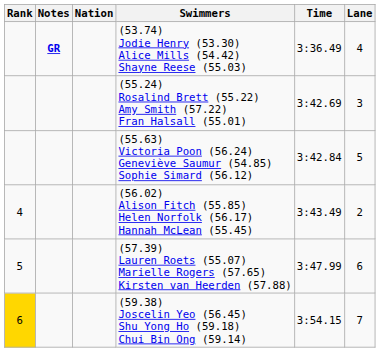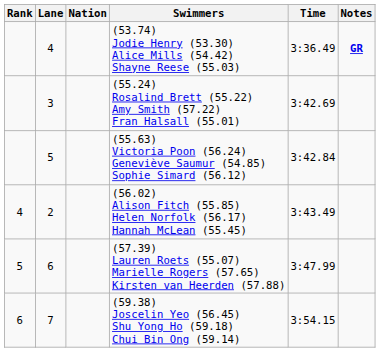 <table class="wikitable sortable" style="text-align:center">
 <tr>
 <th>Rank</th>
-<th>Notes</th>
+<th>Lane</th>
 <th>Nation</th>
 <th>Swimmers</th>
 <th>Time</th>
-<th>Lane</th>
+<th>Notes</th>
 </tr>
 <tr>
 <td></td>
-<td><strong><a href='#'>GR</a></strong></td>
+<td>4</td>
 <td align=left></td>
 <td align=left> (53.74)<br><a href='#'>Jodie Henry</a> (53.30)<br><a href='#'>Alice Mills</a> (54.42)<br><a href='#'>Shayne Reese</a> (55.03)</td>
 <td>3:36.49</td>
-<td>4</td>
+<td><strong><a href='#'>GR</a></strong></td>
 </tr>
 <tr>
 <td></td>
-<td></td>
+<td>3</td>
 <td align=left></td>
 <td align=left> (55.24)<br><a href='#'>Rosalind Brett</a> (55.22)<br><a href='#'>Amy Smith</a> (57.22)<br><a href='#'>Fran Halsall</a> (55.01)</td>
 <td>3:42.69</td>
-<td>3</td>
+<td></td>
 </tr>
 <tr>
 <td></td>
-<td></td>
+<td>5</td>
 <td align=left></td>
 <td align=left> (55.63)<br><a href='#'>Victoria Poon</a> (56.24)<br><a href='#'>Geneviève Saumur</a> (54.85)<br><a href='#'>Sophie Simard</a> (56.12)</td>
 <td>3:42.84</td>
-<td>5</td>
+<td></td>
 </tr>
 <tr>
 <td>4</td>
-<td></td>
+<td>2</td>
 <td align=left></td>
 <td align=left> (56.02)<br><a href='#'>Alison Fitch</a> (55.85)<br><a href='#'>Helen Norfolk</a> (56.17)<br><a href='#'>Hannah McLean</a> (55.45)</td>
 <td>3:43.49</td>
-<td>2</td>
+<td></td>
 </tr>
 <tr>
 <td>5</td>
-<td></td>
+<td>6</td>
 <td align=left></td>
 <td align=left> (57.39)<br><a href='#'>Lauren Roets</a> (55.07)<br><a href='#'>Marielle Rogers</a> (57.65)<br><a href='#'>Kirsten van Heerden</a> (57.88)</td>
 <td>3:47.99</td>
-<td>6</td>
+<td></td>
 </tr>
 <tr>
-<td style="background: gold;">6</td>
-<td></td>
+<td>6</td>
+<td>7</td>
 <td align=left></td>
 <td align=left> (59.38)<br><a href='#'>Joscelin Yeo</a> (56.45)<br><a href='#'>Shu Yong Ho</a> (59.18)<br><a href='#'>Chui Bin Ong</a> (59.14)</td>
 <td>3:54.15</td>
-<td>7</td>
+<td></td>
 </tr>
 </table>
